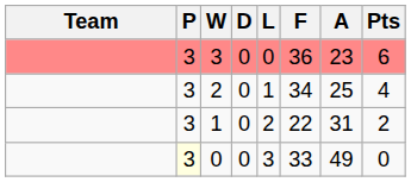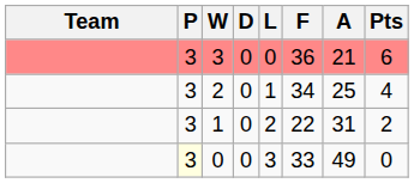 <table class="wikitable" style="text-align:center;">
 <tr>
 <th width="120px">Team</th>
 <th>P</th>
 <th>W</th>
 <th>D</th>
 <th>L</th>
 <th width="23px">F</th>
 <th width="23px">A</th>
 <th width="23px">Pts</th>
 </tr>
 <tr bgcolor="#FF8888">
 <td></td>
 <td>3</td>
 <td>3</td>
 <td>0</td>
 <td>0</td>
 <td>36</td>
-<td>23</td>
+<td>21</td>
 <td>6</td>
 </tr>
 <tr>
 <td></td>
 <td>3</td>
 <td>2</td>
 <td>0</td>
 <td>1</td>
 <td>34</td>
 <td>25</td>
 <td>4</td>
 </tr>
 <tr>
 <td></td>
 <td>3</td>
 <td>1</td>
 <td>0</td>
 <td>2</td>
 <td>22</td>
 <td>31</td>
 <td>2</td>
 </tr>
 <tr>
 <td></td>
 <td style="background: lightyellow;">3</td>
 <td>0</td>
 <td>0</td>
 <td>3</td>
 <td>33</td>
 <td>49</td>
 <td>0</td>
 </tr>
 </table>
